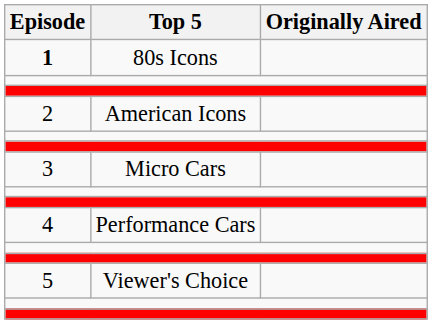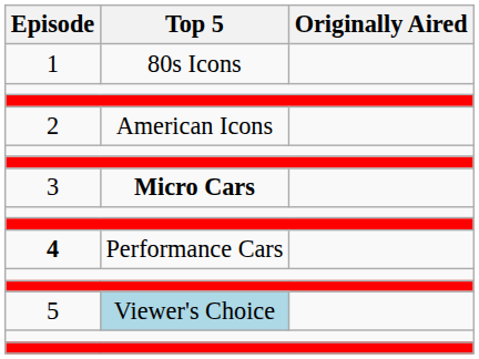 <table class="wikitable" "text-align:center;">
 <tr>
 <th>Episode</th>
 <th>Top 5</th>
 <th colspan="2">Originally Aired</th>
 </tr>
 <tr>
-<td style="text-align: center;"><strong>1</strong></td>
+<td style="text-align: center;">1</td>
 <td style="text-align: center;">80s Icons</td>
 <td style="text-align: center;"></td>
 </tr>
 <tr>
 <td colspan=3></td>
 </tr>
 <tr style="background:#FF0000">
 <td colspan=3></td>
 </tr>
 <tr>
 <td style="text-align: center;">2</td>
 <td style="text-align: center;">American Icons</td>
 <td style="text-align: center;"></td>
 </tr>
 <tr>
 <td colspan=3></td>
 </tr>
 <tr style="background:#FF0000">
 <td colspan=3></td>
 </tr>
 <tr>
 <td style="text-align: center;">3</td>
-<td style="text-align: center;">Micro Cars</td>
+<td style="text-align: center;"><strong>Micro Cars</strong></td>
 <td style="text-align: center;"></td>
 </tr>
 <tr>
 <td colspan=3></td>
 </tr>
 <tr style="background:#FF0000">
 <td colspan=3></td>
 </tr>
 <tr>
-<td style="text-align: center;">4</td>
+<td style="text-align: center;"><strong>4</strong></td>
 <td style="text-align: center;">Performance Cars</td>
 <td style="text-align: center;"></td>
 </tr>
 <tr>
 <td colspan=3></td>
 </tr>
 <tr style="background:#FF0000">
 <td colspan=3></td>
 </tr>
 <tr>
 <td style="text-align: center;">5</td>
-<td style="text-align: center;">Viewer's Choice</td>
+<td style="background: lightblue; text-align: center;">Viewer's Choice</td>
 <td style="text-align: center;"></td>
 </tr>
 <tr>
 <td colspan=3></td>
 </tr>
 <tr style="background:#FF0000">
 <td colspan=3></td>
 </tr>
 </table>
